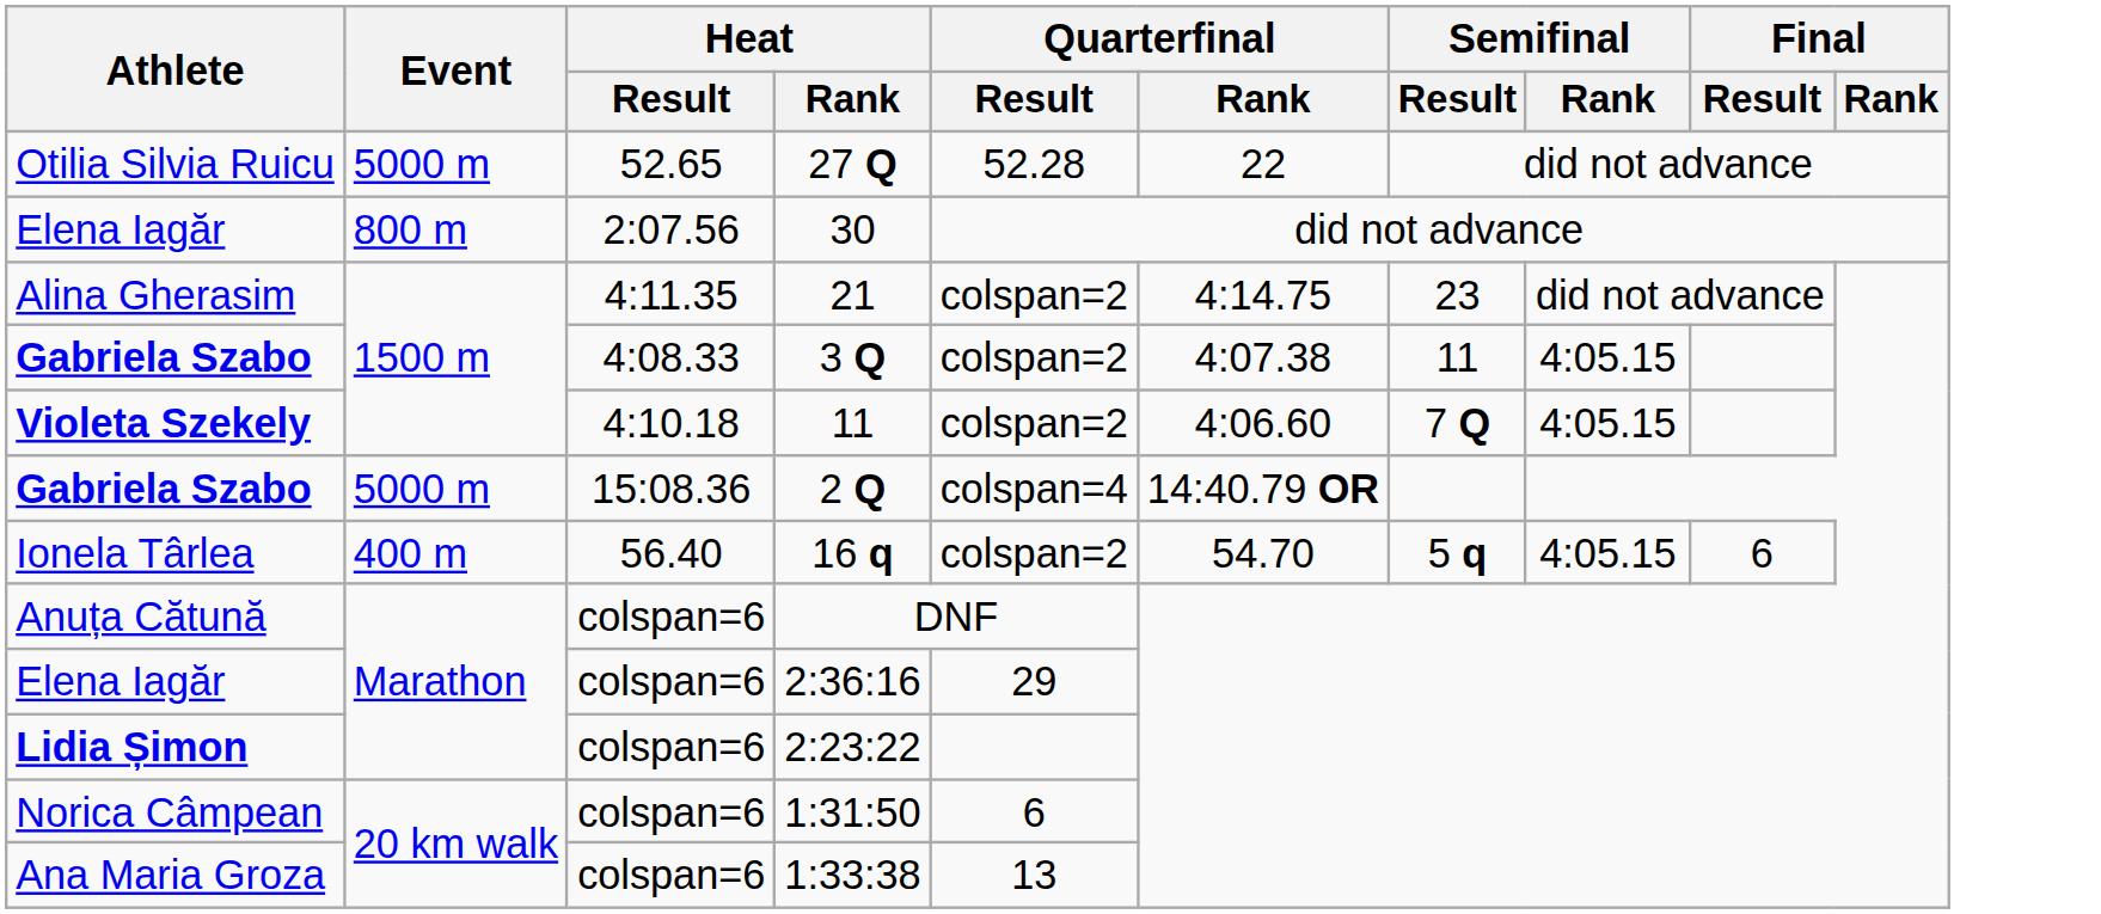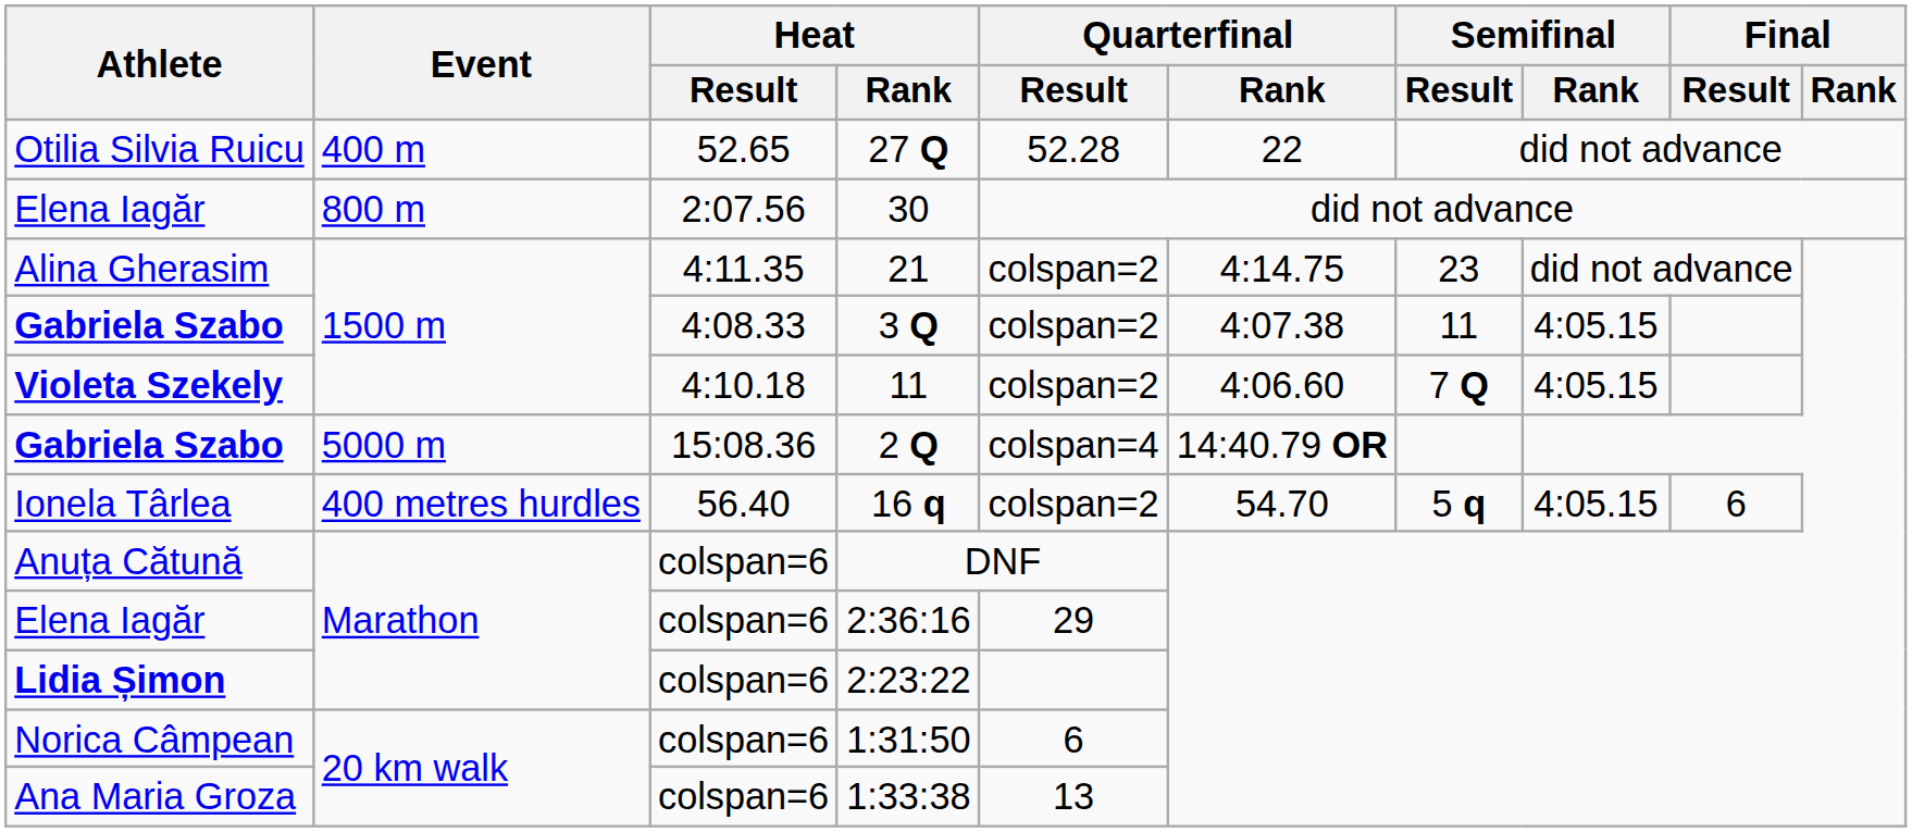 <table class="wikitable" style="font-size:90%">
 <tr>
 <th rowspan="2">Athlete</th>
 <th rowspan="2">Event</th>
 <th colspan="2">Heat</th>
 <th colspan="2">Quarterfinal</th>
 <th colspan="2">Semifinal</th>
 <th colspan="2">Final</th>
 </tr>
 <tr style="font-size:95%">
 <th>Result</th>
 <th>Rank</th>
 <th>Result</th>
 <th>Rank</th>
 <th>Result</th>
 <th>Rank</th>
 <th>Result</th>
 <th>Rank</th>
 </tr>
 <tr align=center>
 <td align=left><a href='#'>Otilia Silvia Ruicu</a></td>
-<td align=left><a href='#'>5000 m</a></td>
+<td align=left><a href='#'>400 m</a></td>
 <td>52.65</td>
 <td>27 <strong>Q</strong></td>
 <td>52.28</td>
 <td>22</td>
 <td colspan=4>did not advance</td>
 </tr>
 <tr align=center>
 <td align=left><a href='#'>Elena Iagăr</a></td>
 <td align=left><a href='#'>800 m</a></td>
 <td>2:07.56</td>
 <td>30</td>
 <td colspan=6>did not advance</td>
 </tr>
 <tr align=center>
 <td align=left><a href='#'>Alina Gherasim</a></td>
 <td align=left rowspan=3><a href='#'>1500 m</a></td>
 <td>4:11.35</td>
 <td>21</td>
 <td>colspan=2 </td>
 <td>4:14.75</td>
 <td>23</td>
 <td colspan=2>did not advance</td>
 </tr>
 <tr align=center>
 <td align=left><strong><a href='#'>Gabriela Szabo</a></strong></td>
 <td>4:08.33</td>
 <td>3 <strong>Q</strong></td>
 <td>colspan=2 </td>
 <td>4:07.38</td>
 <td>11</td>
 <td>4:05.15</td>
 <td></td>
 </tr>
 <tr align=center>
 <td align=left><strong><a href='#'>Violeta Szekely</a></strong></td>
 <td>4:10.18</td>
 <td>11</td>
 <td>colspan=2 </td>
 <td>4:06.60</td>
 <td>7 <strong>Q</strong></td>
 <td>4:05.15</td>
 <td></td>
 </tr>
 <tr align=center>
 <td align=left><strong><a href='#'>Gabriela Szabo</a></strong></td>
 <td align=left><a href='#'>5000 m</a></td>
 <td>15:08.36</td>
 <td>2 <strong>Q</strong></td>
 <td>colspan=4 </td>
 <td>14:40.79 <strong>OR</strong></td>
 <td></td>
 </tr>
 <tr align=center>
 <td align=left><a href='#'>Ionela Târlea</a></td>
-<td align=left><a href='#'>400 m</a></td>
+<td align=left><a href='#'>400 metres hurdles</a></td>
 <td>56.40</td>
 <td>16 <strong>q</strong></td>
 <td>colspan=2 </td>
 <td>54.70</td>
 <td>5 <strong>q</strong></td>
 <td>4:05.15</td>
 <td>6</td>
 </tr>
 <tr align=center>
 <td align=left><a href='#'>Anuța Cătună</a></td>
 <td align=left rowspan=3><a href='#'>Marathon</a></td>
 <td>colspan=6 </td>
 <td colspan=2>DNF</td>
 </tr>
 <tr align=center>
 <td align=left><a href='#'>Elena Iagăr</a></td>
 <td>colspan=6 </td>
 <td>2:36:16</td>
 <td>29</td>
 </tr>
 <tr align=center>
 <td align=left><strong><a href='#'>Lidia Șimon</a></strong></td>
 <td>colspan=6 </td>
 <td>2:23:22</td>
 <td></td>
 </tr>
 <tr align=center>
 <td align=left><a href='#'>Norica Câmpean</a></td>
 <td align=left rowspan=2><a href='#'>20 km walk</a></td>
 <td>colspan=6 </td>
 <td>1:31:50</td>
 <td>6</td>
 </tr>
 <tr align=center>
 <td align=left><a href='#'>Ana Maria Groza</a></td>
 <td>colspan=6 </td>
 <td>1:33:38</td>
 <td>13</td>
 </tr>
 </table>
